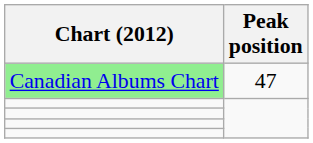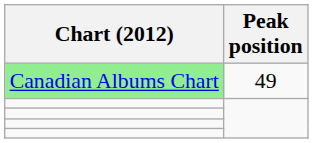 <table class="wikitable sortable plainrowheaders">
 <tr>
 <th scope="col">Chart (2012)</th>
 <th scope="col">Peak<br>position</th>
 </tr>
 <tr>
 <td style="background: lightgreen;"><a href='#'>Canadian Albums Chart</a></td>
-<td style="text-align:center;">47</td>
+<td style="text-align:center;">49</td>
 </tr>
 <tr>
 <td></td>
 </tr>
 <tr>
 <td></td>
 </tr>
 <tr>
 <td></td>
 </tr>
 <tr>
 <td></td>
 </tr>
 </table>
